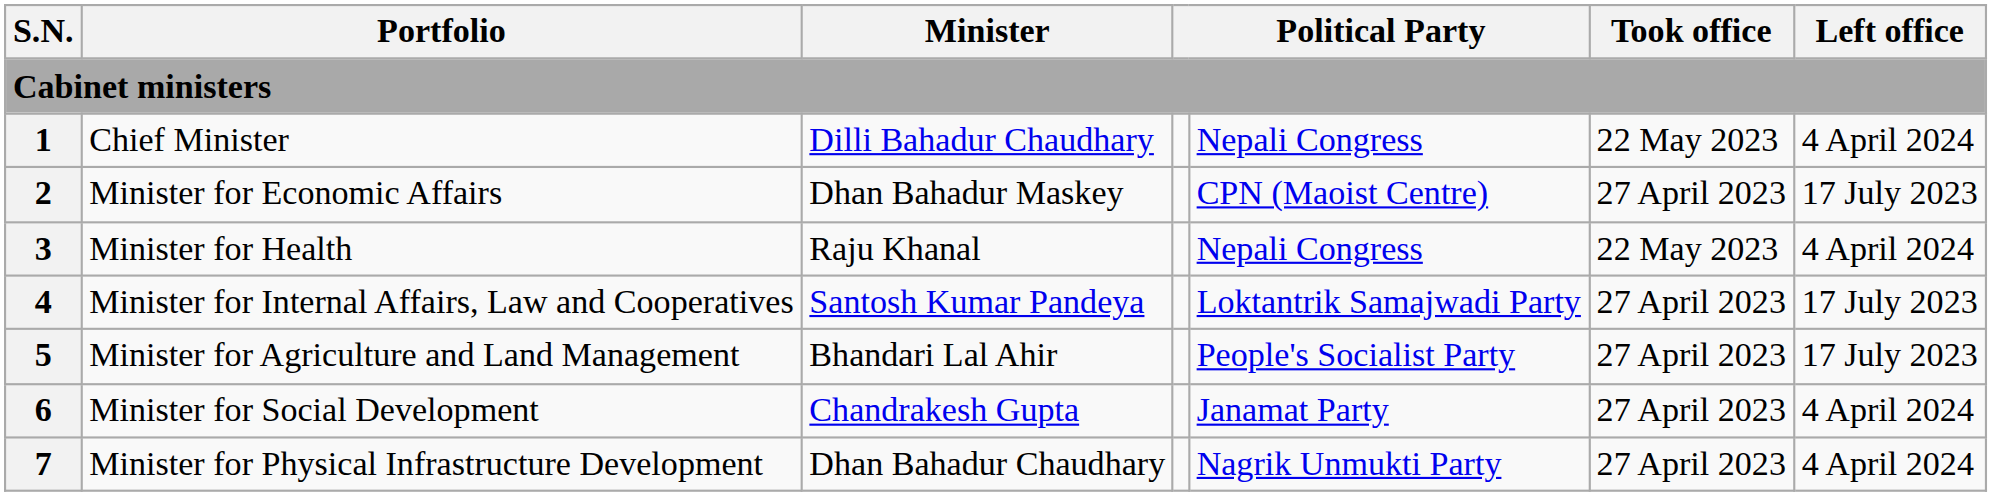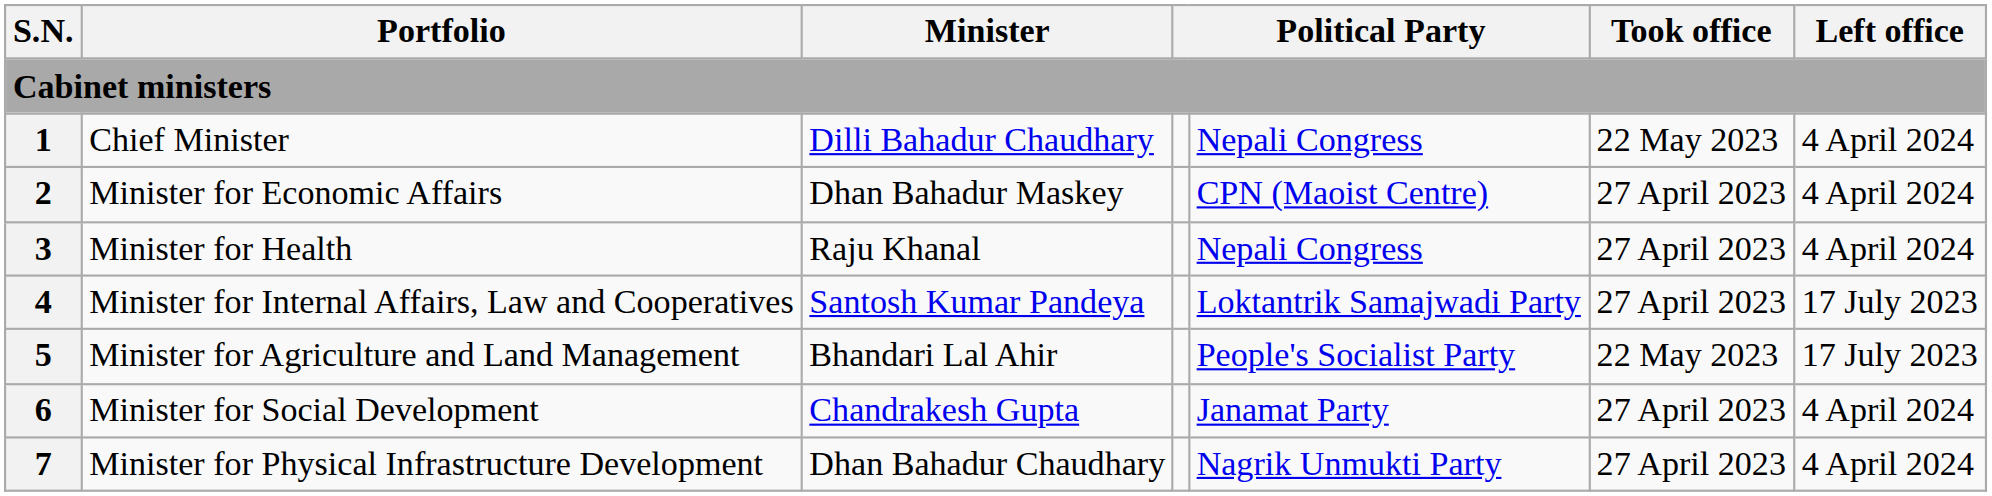 <table class="wikitable">
 <tr>
 <th>S.N.</th>
 <th>Portfolio</th>
 <th>Minister</th>
 <th colspan="2">Political Party</th>
 <th>Took office</th>
 <th>Left office</th>
 </tr>
 <tr>
 <td colspan="7" bgcolor="darkgrey"><strong>Cabinet ministers</strong></td>
 </tr>
 <tr>
 <th>1</th>
 <td>Chief Minister</td>
 <td><a href='#'>Dilli Bahadur Chaudhary</a></td>
 <td></td>
 <td><a href='#'>Nepali Congress</a></td>
 <td>22 May 2023</td>
 <td>4 April 2024</td>
 </tr>
 <tr>
 <th>2</th>
 <td>Minister for Economic Affairs</td>
 <td>Dhan Bahadur Maskey</td>
 <td></td>
 <td><a href='#'>CPN (Maoist Centre)</a></td>
 <td>27 April 2023</td>
-<td>17 July 2023</td>
+<td>4 April 2024</td>
 </tr>
 <tr>
 <th>3</th>
 <td>Minister for Health</td>
 <td>Raju Khanal</td>
 <td></td>
 <td><a href='#'>Nepali Congress</a></td>
-<td>22 May 2023</td>
+<td>27 April 2023</td>
 <td>4 April 2024</td>
 </tr>
 <tr>
 <th>4</th>
 <td>Minister for Internal Affairs, Law and Cooperatives</td>
 <td><a href='#'>Santosh Kumar Pandeya</a></td>
 <td></td>
 <td><a href='#'>Loktantrik Samajwadi Party</a></td>
 <td>27 April 2023</td>
 <td>17 July 2023</td>
 </tr>
 <tr>
 <th>5</th>
 <td>Minister for Agriculture and Land Management</td>
 <td>Bhandari Lal Ahir</td>
 <td></td>
 <td><a href='#'>People's Socialist Party</a></td>
-<td>27 April 2023</td>
+<td>22 May 2023</td>
 <td>17 July 2023</td>
 </tr>
 <tr>
 <th>6</th>
 <td>Minister for Social Development</td>
 <td><a href='#'>Chandrakesh Gupta</a></td>
 <td></td>
 <td><a href='#'>Janamat Party</a></td>
 <td>27 April 2023</td>
 <td>4 April 2024</td>
 </tr>
 <tr>
 <th>7</th>
 <td>Minister for Physical Infrastructure Development</td>
 <td>Dhan Bahadur Chaudhary</td>
 <td></td>
 <td><a href='#'>Nagrik Unmukti Party</a></td>
 <td>27 April 2023</td>
 <td>4 April 2024</td>
 </tr>
 </table>
